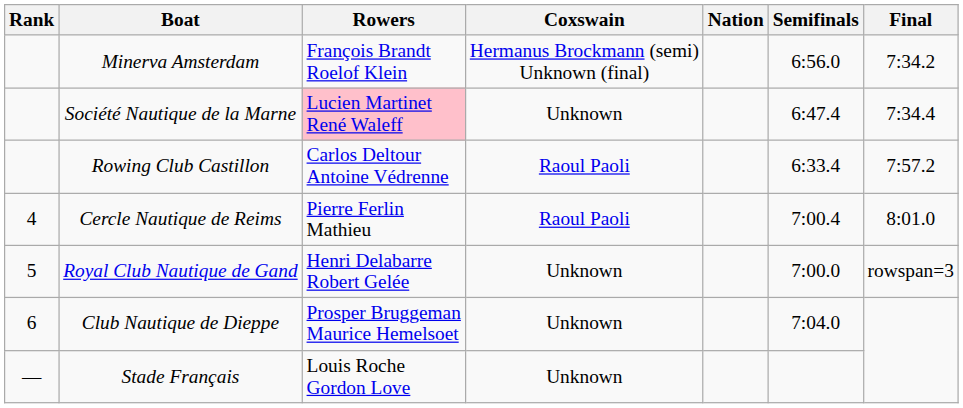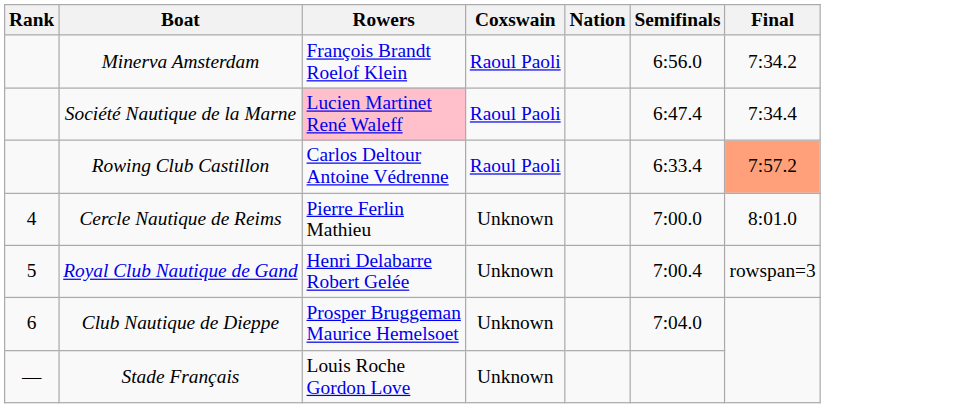 <table class="wikitable sortable" style="text-align:center">
 <tr>
 <th>Rank</th>
 <th>Boat</th>
 <th>Rowers</th>
 <th>Coxswain</th>
 <th>Nation</th>
 <th>Semifinals</th>
 <th>Final</th>
 </tr>
 <tr>
 <td></td>
 <td><em>Minerva Amsterdam</em></td>
 <td align=left><a href='#'>François Brandt</a> <br> <a href='#'>Roelof Klein</a></td>
-<td><a href='#'>Hermanus Brockmann</a> (semi) <br> Unknown (final)</td>
+<td><a href='#'>Raoul Paoli</a></td>
 <td align=left></td>
 <td>6:56.0</td>
 <td>7:34.2</td>
 </tr>
 <tr>
 <td></td>
 <td><em>Société Nautique de la Marne</em></td>
 <td align=left style="background: pink;"><a href='#'>Lucien Martinet</a> <br> <a href='#'>René Waleff</a></td>
-<td>Unknown</td>
+<td><a href='#'>Raoul Paoli</a></td>
 <td align=left></td>
 <td>6:47.4</td>
 <td>7:34.4</td>
 </tr>
 <tr>
 <td></td>
 <td><em>Rowing Club Castillon</em></td>
 <td align=left><a href='#'>Carlos Deltour</a> <br> <a href='#'>Antoine Védrenne</a></td>
 <td><a href='#'>Raoul Paoli</a></td>
 <td align=left></td>
 <td>6:33.4</td>
-<td>7:57.2</td>
+<td style="background: lightsalmon;">7:57.2</td>
 </tr>
 <tr>
 <td>4</td>
 <td><em>Cercle Nautique de Reims</em></td>
 <td align=left><a href='#'>Pierre Ferlin</a> <br> Mathieu</td>
-<td><a href='#'>Raoul Paoli</a></td>
+<td>Unknown</td>
 <td align=left></td>
-<td>7:00.4</td>
+<td>7:00.0</td>
 <td>8:01.0</td>
 </tr>
 <tr>
 <td>5</td>
 <td><em><a href='#'>Royal Club Nautique de Gand</a></em></td>
 <td align=left><a href='#'>Henri Delabarre</a> <br> <a href='#'>Robert Gelée</a></td>
 <td>Unknown</td>
 <td align=left></td>
-<td>7:00.0</td>
+<td>7:00.4</td>
 <td>rowspan=3 </td>
 </tr>
 <tr>
 <td>6</td>
 <td><em>Club Nautique de Dieppe</em></td>
 <td align=left><a href='#'>Prosper Bruggeman</a> <br> <a href='#'>Maurice Hemelsoet</a></td>
 <td>Unknown</td>
 <td align=left></td>
 <td>7:04.0</td>
 </tr>
 <tr>
 <td data-sort-value=7>—</td>
 <td><em>Stade Français</em></td>
 <td align=left>Louis Roche <br> <a href='#'>Gordon Love</a></td>
 <td>Unknown</td>
 <td align=left></td>
 <td data-sort-value=9:99.9></td>
 </tr>
 </table>
